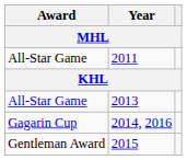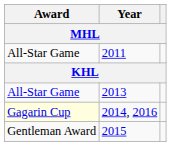 <table class="wikitable">
 <tr>
 <th>Award</th>
 <th>Year</th>
 <th></th>
 </tr>
 <tr ALIGN="center">
 <th colspan="3"><a href='#'>MHL</a></th>
 </tr>
 <tr>
 <td>All-Star Game</td>
 <td><a href='#'>2011</a></td>
 <td></td>
 </tr>
 <tr ALIGN="center">
 <th colspan="3"><a href='#'>KHL</a></th>
 </tr>
 <tr>
 <td><a href='#'>All-Star Game</a></td>
 <td><a href='#'>2013</a></td>
 <td></td>
 </tr>
 <tr>
-<td><a href='#'>Gagarin Cup</a></td>
+<td style="background: lightyellow;"><a href='#'>Gagarin Cup</a></td>
 <td><a href='#'>2014</a>, <a href='#'>2016</a></td>
 <td></td>
 </tr>
 <tr>
 <td>Gentleman Award</td>
 <td><a href='#'>2015</a></td>
 <td></td>
 </tr>
 </table>
